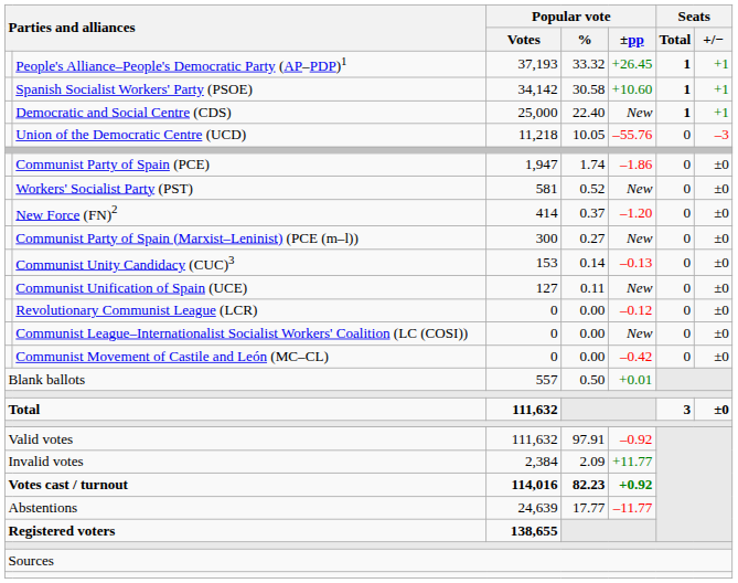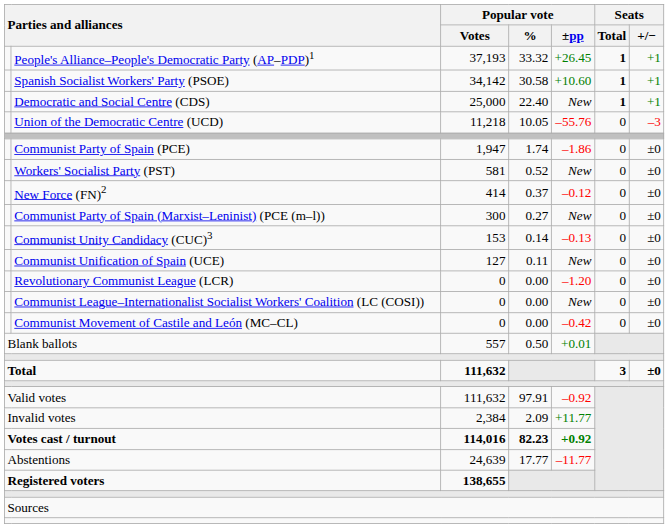 <table class="wikitable" style="text-align:right;">
 <tr>
 <th style="text-align:left;" rowspan="2" colspan="2" width="525">Parties and alliances</th>
 <th colspan="3">Popular vote</th>
 <th colspan="2">Seats</th>
 </tr>
 <tr>
 <th width="75">Votes</th>
 <th width="45">%</th>
 <th width="45">±<a href='#'>pp</a></th>
 <th width="35">Total</th>
 <th width="35">+/−</th>
 </tr>
 <tr>
 <td width="1" style="color:inherit;background:"></td>
 <td align="left"><a href='#'>People's Alliance–People's Democratic Party</a> (<a href='#'>AP</a>–<a href='#'>PDP</a>)<sup>1</sup></td>
 <td>37,193</td>
 <td>33.32</td>
 <td style="color:green;">+26.45</td>
 <td><strong>1</strong></td>
 <td style="color:green;">+1</td>
 </tr>
 <tr>
 <td style="color:inherit;background:"></td>
 <td align="left"><a href='#'>Spanish Socialist Workers' Party</a> (PSOE)</td>
 <td>34,142</td>
 <td>30.58</td>
 <td style="color:green;">+10.60</td>
 <td><strong>1</strong></td>
 <td style="color:green;">+1</td>
 </tr>
 <tr>
 <td style="color:inherit;background:"></td>
 <td align="left"><a href='#'>Democratic and Social Centre</a> (CDS)</td>
 <td>25,000</td>
 <td>22.40</td>
 <td><em>New</em></td>
 <td><strong>1</strong></td>
 <td style="color:green;">+1</td>
 </tr>
 <tr>
 <td style="color:inherit;background:"></td>
 <td align="left"><a href='#'>Union of the Democratic Centre</a> (UCD)</td>
 <td>11,218</td>
 <td>10.05</td>
 <td style="color:red;">–55.76</td>
 <td>0</td>
 <td style="color:red;">–3</td>
 </tr>
 <tr>
 <td colspan="7" bgcolor="#C0C0C0"></td>
 </tr>
 <tr>
 <td style="color:inherit;background:"></td>
 <td align="left"><a href='#'>Communist Party of Spain</a> (PCE)</td>
 <td>1,947</td>
 <td>1.74</td>
 <td style="color:red;">–1.86</td>
 <td>0</td>
 <td>±0</td>
 </tr>
 <tr>
 <td style="color:inherit;background:"></td>
 <td align="left"><a href='#'>Workers' Socialist Party</a> (PST)</td>
 <td>581</td>
 <td>0.52</td>
 <td><em>New</em></td>
 <td>0</td>
 <td>±0</td>
 </tr>
 <tr>
 <td style="color:inherit;background:"></td>
 <td align="left"><a href='#'>New Force</a> (FN)<sup>2</sup></td>
 <td>414</td>
 <td>0.37</td>
-<td style="color:red;">–1.20</td>
+<td style="color:red;">–0.12</td>
 <td>0</td>
 <td>±0</td>
 </tr>
 <tr>
 <td style="color:inherit;background:"></td>
 <td align="left"><a href='#'>Communist Party of Spain (Marxist–Leninist)</a> (PCE (m–l))</td>
 <td>300</td>
 <td>0.27</td>
 <td><em>New</em></td>
 <td>0</td>
 <td>±0</td>
 </tr>
 <tr>
 <td style="color:inherit;background:"></td>
 <td align="left"><a href='#'>Communist Unity Candidacy</a> (CUC)<sup>3</sup></td>
 <td>153</td>
 <td>0.14</td>
 <td style="color:red;">–0.13</td>
 <td>0</td>
 <td>±0</td>
 </tr>
 <tr>
 <td style="color:inherit;background:"></td>
 <td align="left"><a href='#'>Communist Unification of Spain</a> (UCE)</td>
 <td>127</td>
 <td>0.11</td>
 <td><em>New</em></td>
 <td>0</td>
 <td>±0</td>
 </tr>
 <tr>
 <td style="color:inherit;background:"></td>
 <td align="left"><a href='#'>Revolutionary Communist League</a> (LCR)</td>
 <td>0</td>
 <td>0.00</td>
-<td style="color:red;">–0.12</td>
+<td style="color:red;">–1.20</td>
 <td>0</td>
 <td>±0</td>
 </tr>
 <tr>
 <td style="color:inherit;background:"></td>
 <td align="left"><a href='#'>Communist League–Internationalist Socialist Workers' Coalition</a> (LC (COSI))</td>
 <td>0</td>
 <td>0.00</td>
 <td><em>New</em></td>
 <td>0</td>
 <td>±0</td>
 </tr>
 <tr>
 <td style="color:inherit;background:"></td>
 <td align="left"><a href='#'>Communist Movement of Castile and León</a> (MC–CL)</td>
 <td>0</td>
 <td>0.00</td>
 <td style="color:red;">–0.42</td>
 <td>0</td>
 <td>±0</td>
 </tr>
 <tr>
 <td align="left" colspan="2">Blank ballots</td>
 <td>557</td>
 <td>0.50</td>
 <td style="color:green;">+0.01</td>
 <td bgcolor="#E9E9E9" colspan="2"></td>
 </tr>
 <tr>
 <td colspan="7" bgcolor="#E9E9E9"></td>
 </tr>
 <tr style="font-weight:bold;">
 <td align="left" colspan="2">Total</td>
 <td>111,632</td>
 <td bgcolor="#E9E9E9" colspan="2"></td>
 <td>3</td>
 <td>±0</td>
 </tr>
 <tr>
 <td colspan="7" bgcolor="#E9E9E9"></td>
 </tr>
 <tr>
 <td align="left" colspan="2">Valid votes</td>
 <td>111,632</td>
 <td>97.91</td>
 <td style="color:red;">–0.92</td>
 <td bgcolor="#E9E9E9" colspan="2" rowspan="5"></td>
 </tr>
 <tr>
 <td align="left" colspan="2">Invalid votes</td>
 <td>2,384</td>
 <td>2.09</td>
 <td style="color:green;">+11.77</td>
 </tr>
 <tr style="font-weight:bold;">
 <td align="left" colspan="2">Votes cast / turnout</td>
 <td>114,016</td>
 <td>82.23</td>
 <td style="color:green;">+0.92</td>
 </tr>
 <tr>
 <td align="left" colspan="2">Abstentions</td>
 <td>24,639</td>
 <td>17.77</td>
 <td style="color:red;">–11.77</td>
 </tr>
 <tr style="font-weight:bold;">
 <td align="left" colspan="2">Registered voters</td>
 <td>138,655</td>
 <td bgcolor="#E9E9E9" colspan="2"></td>
 </tr>
 <tr>
 <td colspan="7" bgcolor="#E9E9E9"></td>
 </tr>
 <tr>
 <td align="left" colspan="7">Sources</td>
 </tr>
 <tr>
 <td colspan="7" style="text-align:left; max-width:790px;"></td>
 </tr>
 </table>
